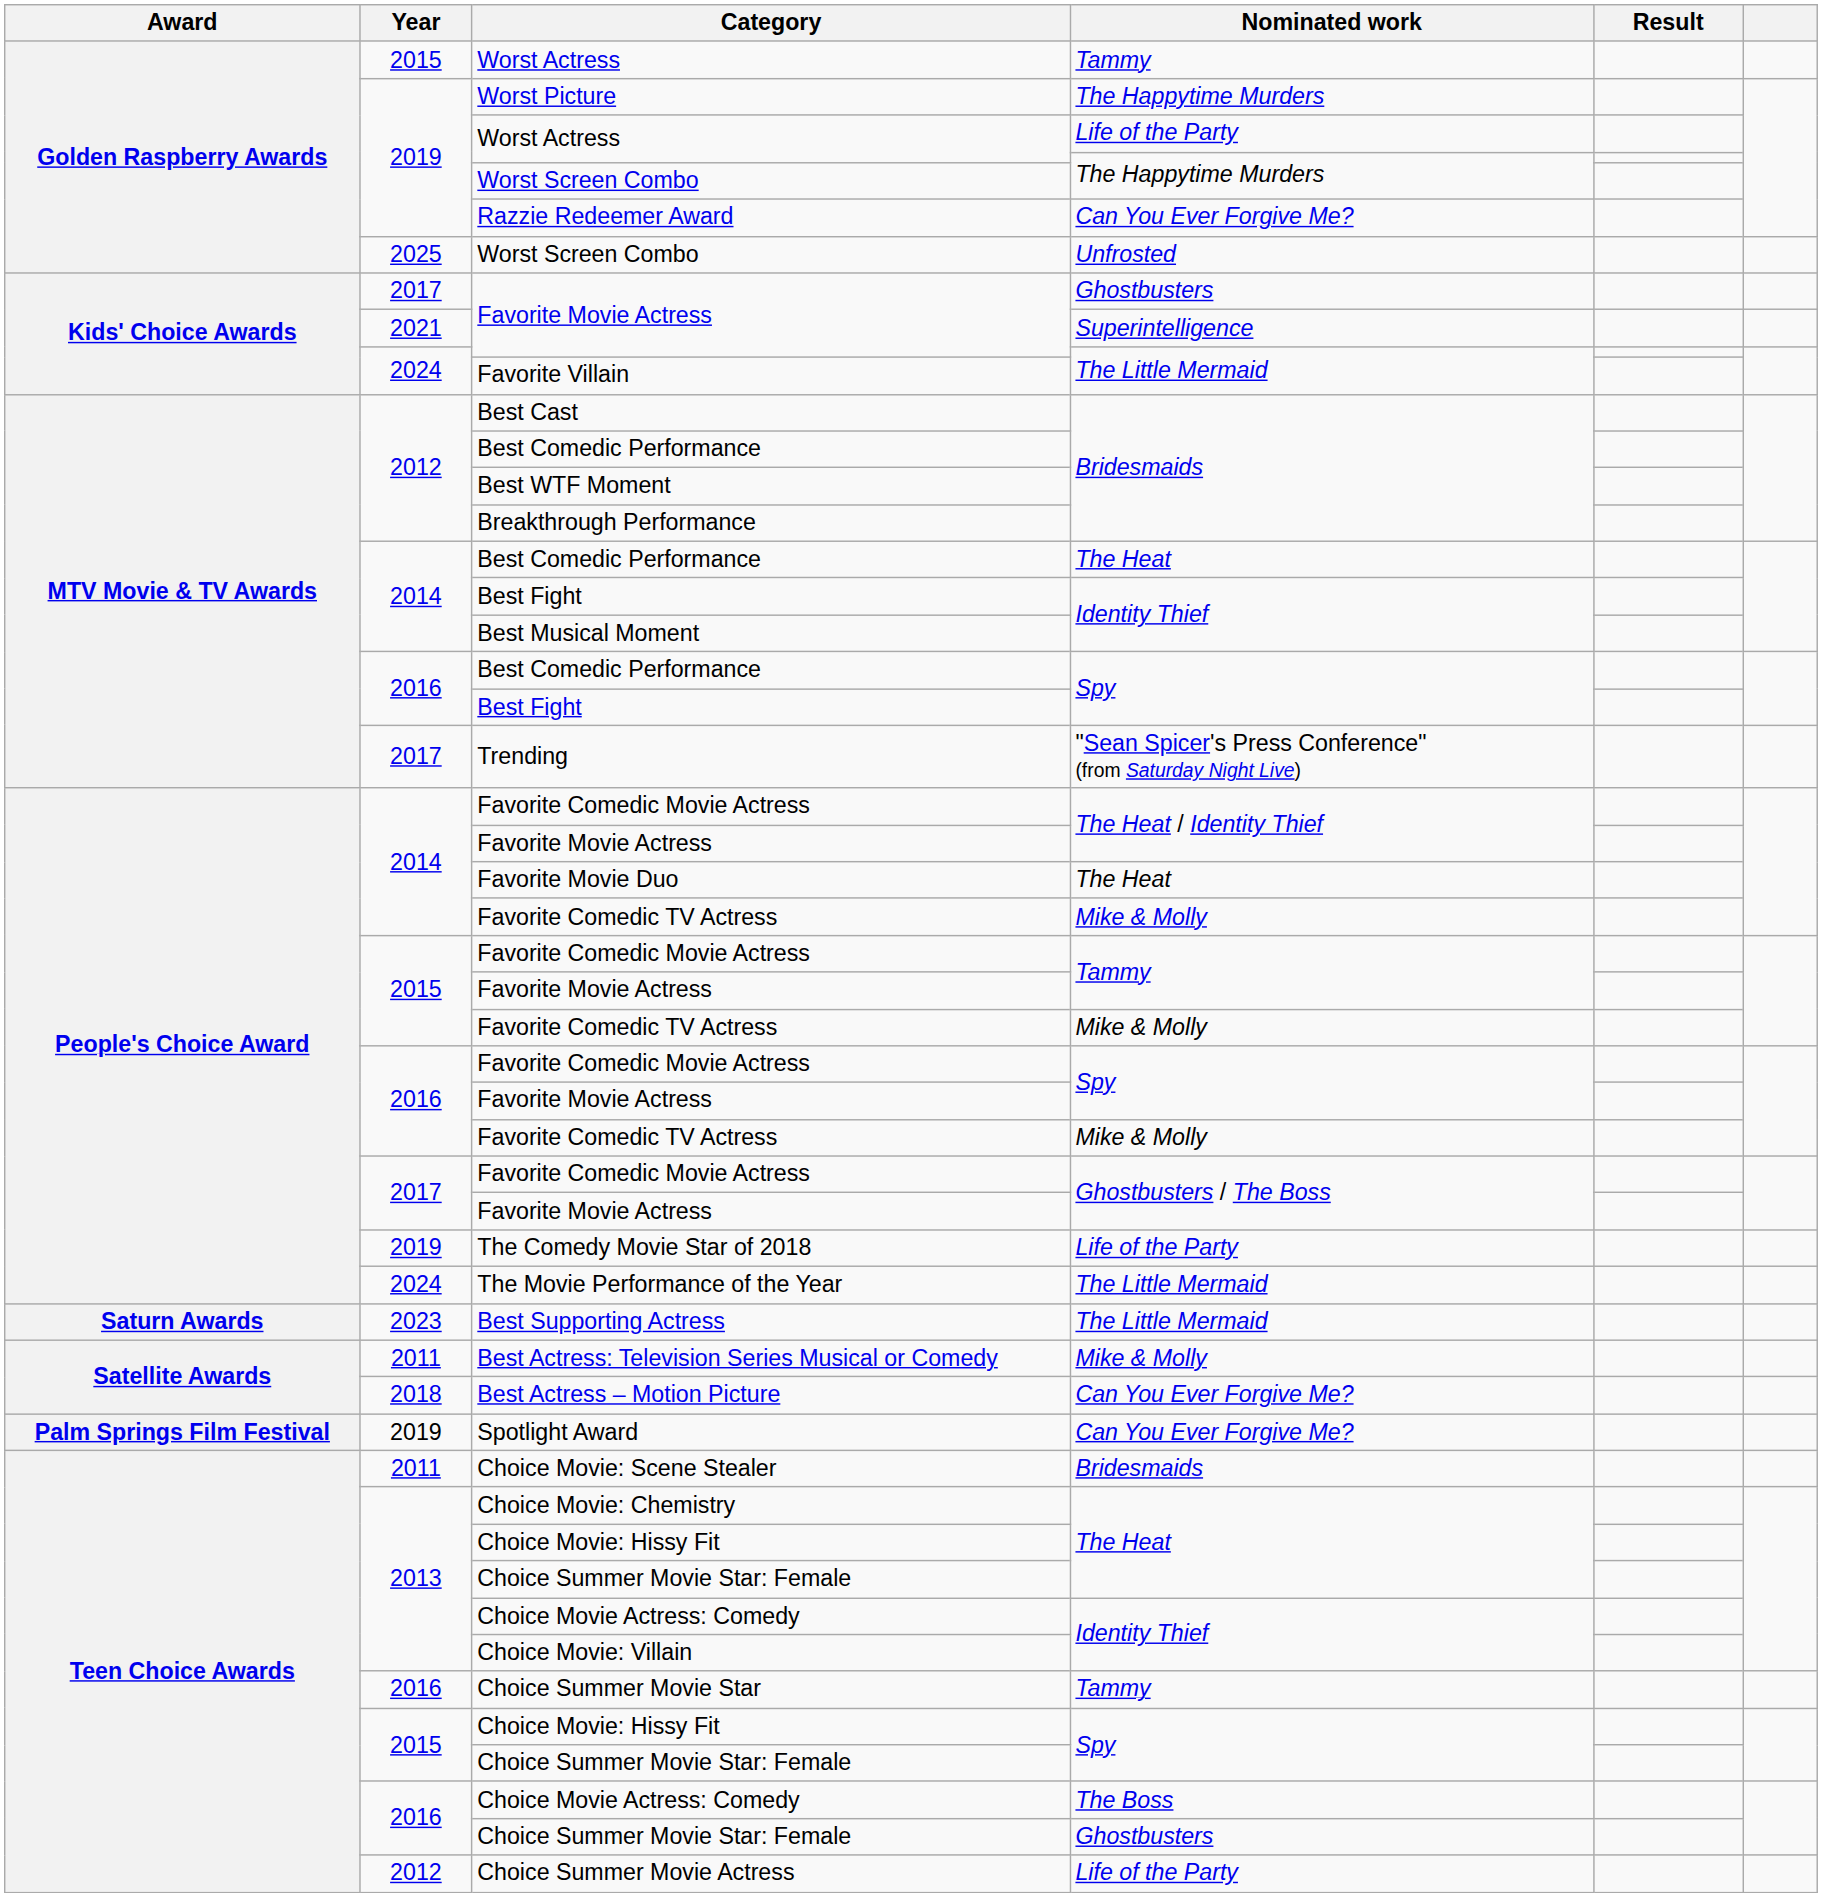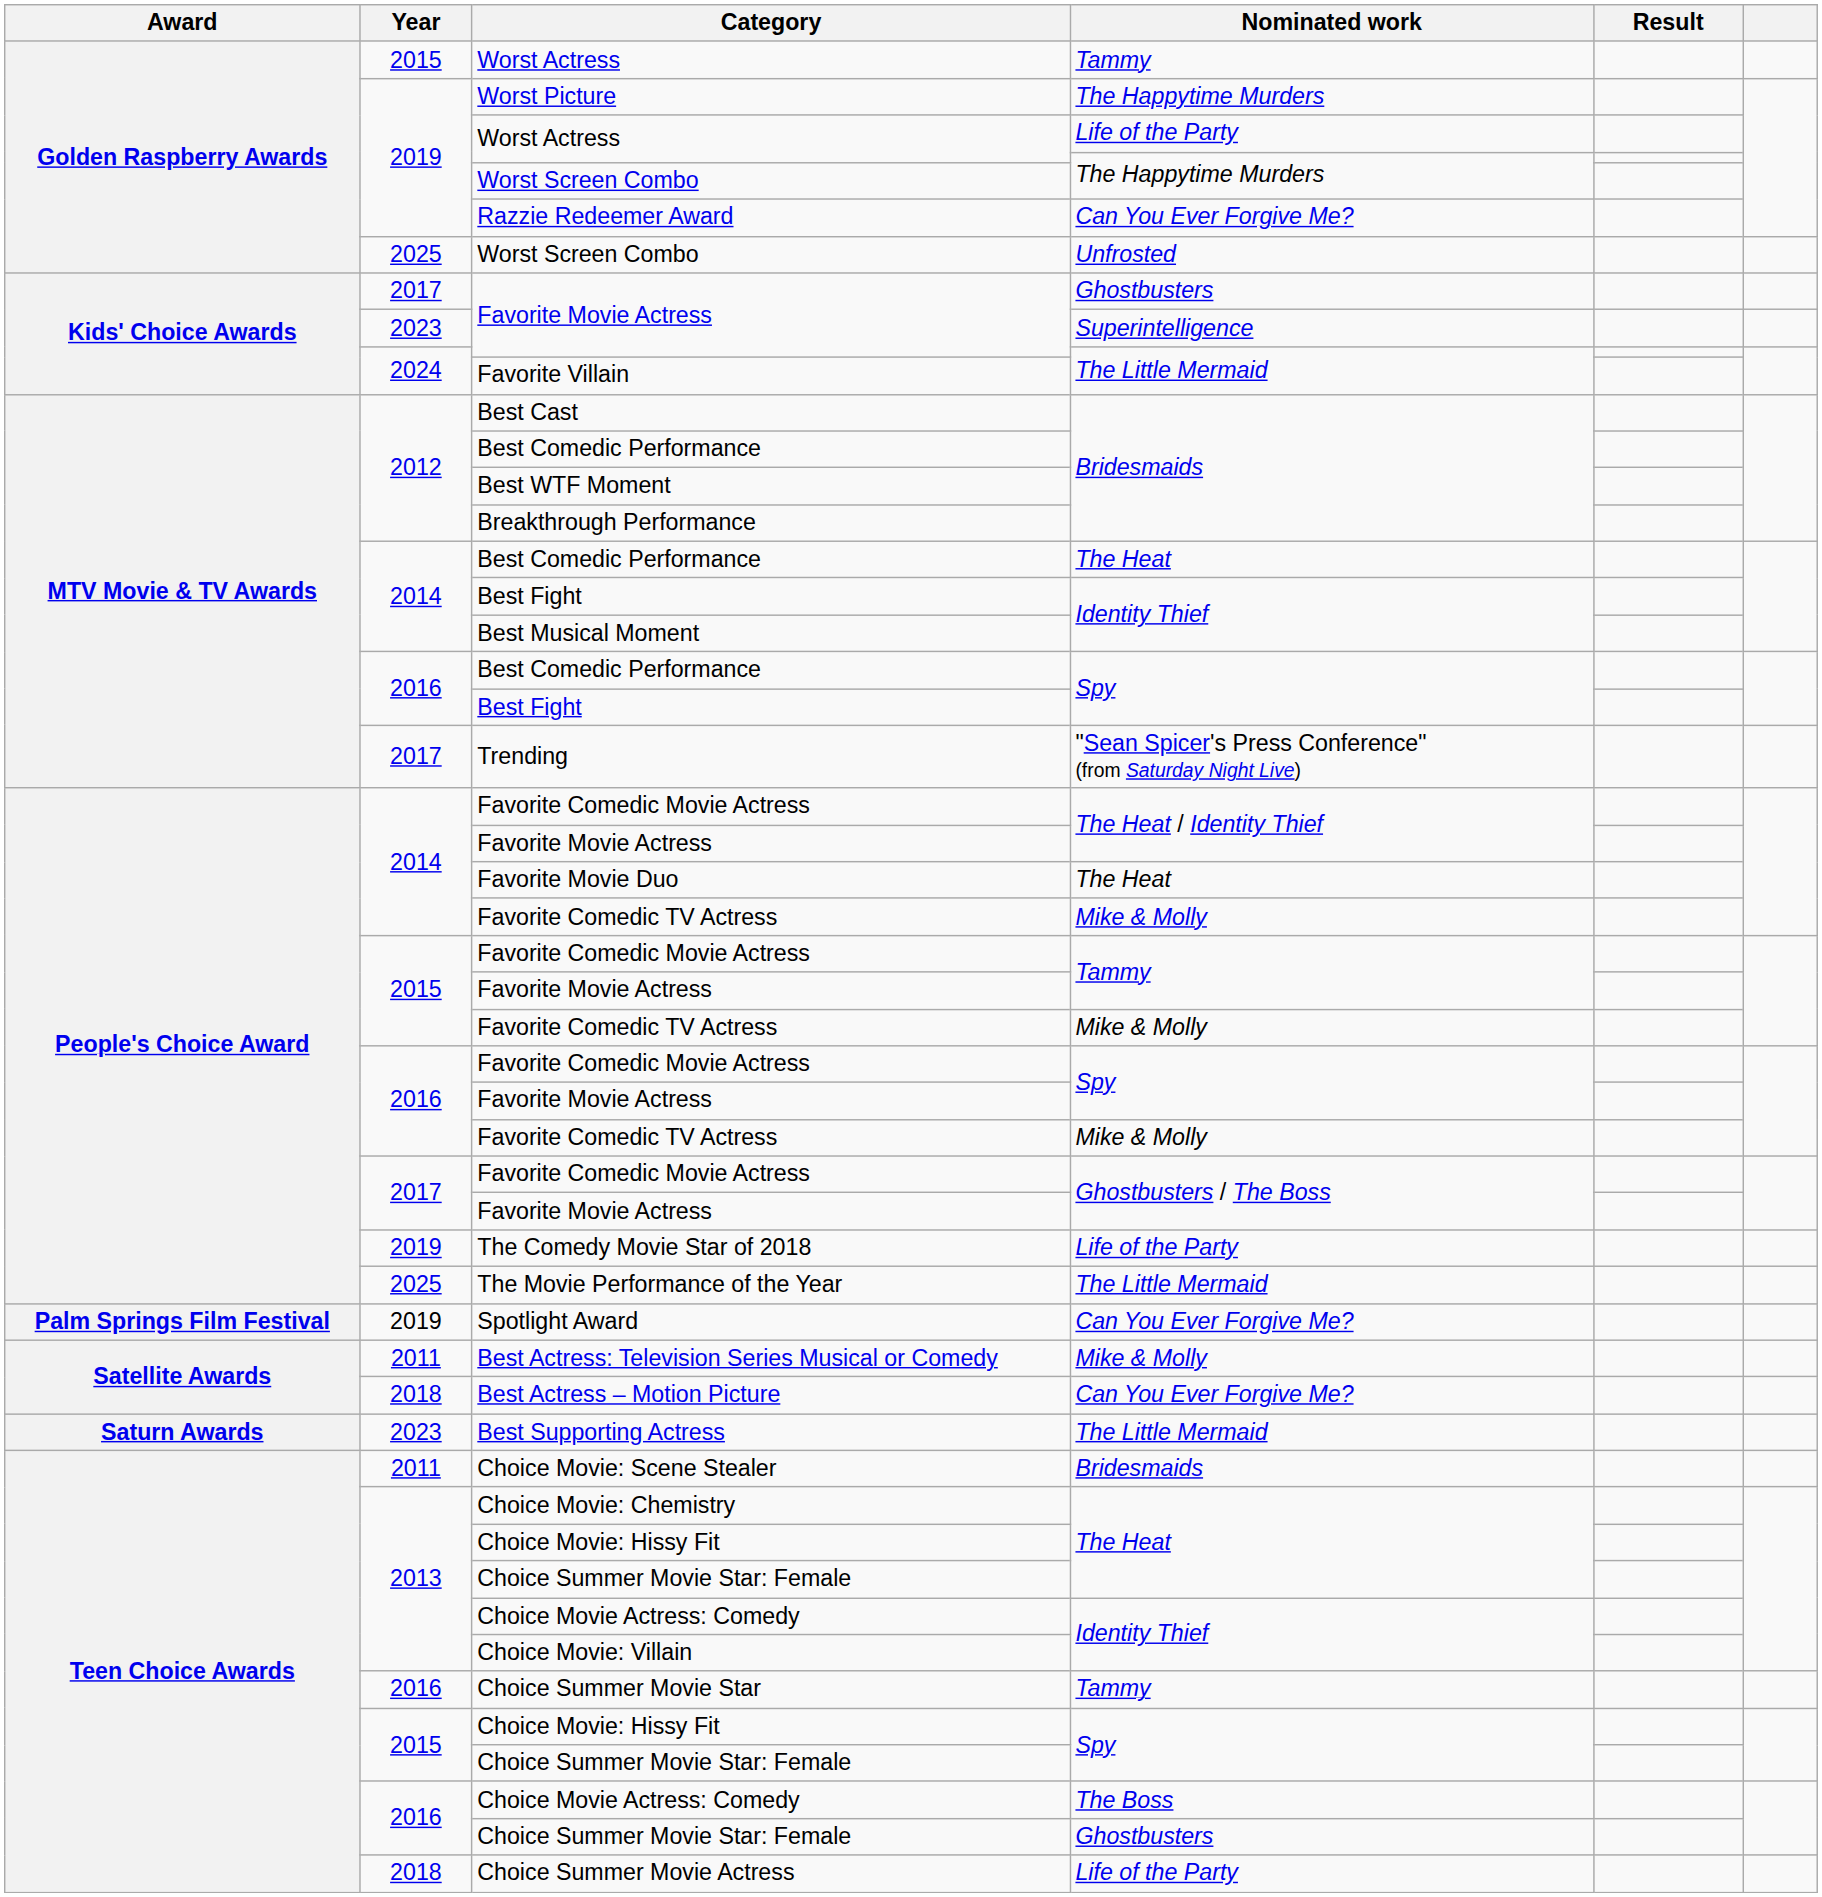 <table class="wikitable sortable plainrowheaders" style="width:99%;">
 <tr>
 <th scope="col" style="width:19%;">Award</th>
 <th scope="col" style="width:6%;">Year</th>
 <th scope="col" style="width:32%;">Category</th>
 <th scope="col" style="width:28%;">Nominated work</th>
 <th scope="col" style="width:8%;">Result</th>
 <th scope="col" style="width:4%;" class="unsortable"></th>
 </tr>
 <tr>
 <th scope="row", rowspan=7><a href='#'>Golden Raspberry Awards</a></th>
 <td align="center"><a href='#'>2015</a></td>
 <td><a href='#'>Worst Actress</a></td>
 <td><em><a href='#'>Tammy</a></em></td>
 <td></td>
 <td align="center"></td>
 </tr>
 <tr>
 <td rowspan="5" align="center"><a href='#'>2019</a></td>
 <td><a href='#'>Worst Picture</a></td>
 <td><em><a href='#'>The Happytime Murders</a></em></td>
 <td></td>
 <td rowspan="5" align="center"><br></td>
 </tr>
 <tr>
 <td rowspan="2">Worst Actress</td>
 <td><em><a href='#'>Life of the Party</a></em></td>
 <td></td>
 </tr>
 <tr>
 <td rowspan="2"><em>The Happytime Murders</em></td>
 <td></td>
 </tr>
 <tr>
 <td><a href='#'>Worst Screen Combo</a></td>
 <td></td>
 </tr>
 <tr>
 <td><a href='#'>Razzie Redeemer Award</a></td>
 <td><em><a href='#'>Can You Ever Forgive Me?</a></em></td>
 <td></td>
 </tr>
 <tr>
 <td align="center"><a href='#'>2025</a></td>
 <td>Worst Screen Combo</td>
 <td><em><a href='#'>Unfrosted</a></em></td>
 <td></td>
 <td align="center"></td>
 </tr>
 <tr>
 <th scope="row", rowspan=4><a href='#'>Kids' Choice Awards</a></th>
 <td align="center"><a href='#'>2017</a></td>
 <td rowspan="3"><a href='#'>Favorite Movie Actress</a></td>
 <td><em><a href='#'>Ghostbusters</a></em></td>
 <td></td>
 <td align="center"></td>
 </tr>
 <tr>
-<td align="center"><a href='#'>2021</a></td>
+<td align="center"><a href='#'>2023</a></td>
 <td><em><a href='#'>Superintelligence</a></em></td>
 <td></td>
 <td align="center"></td>
 </tr>
 <tr>
 <td rowspan="2" align="center"><a href='#'>2024</a></td>
 <td rowspan="2"><em><a href='#'>The Little Mermaid</a></em></td>
 <td></td>
 <td rowspan="2" align="center"></td>
 </tr>
 <tr>
 <td>Favorite Villain</td>
 <td></td>
 </tr>
 <tr>
 <th scope="row", rowspan=10><a href='#'>MTV Movie & TV Awards</a></th>
 <td rowspan="4" align="center"><a href='#'>2012</a></td>
 <td>Best Cast</td>
 <td rowspan="4"><em><a href='#'>Bridesmaids</a></em></td>
 <td></td>
 <td rowspan="4" align="center"></td>
 </tr>
 <tr>
 <td>Best Comedic Performance</td>
 <td></td>
 </tr>
 <tr>
 <td>Best WTF Moment</td>
 <td></td>
 </tr>
 <tr>
 <td>Breakthrough Performance</td>
 <td></td>
 </tr>
 <tr>
 <td rowspan="3" align="center"><a href='#'>2014</a></td>
 <td>Best Comedic Performance</td>
 <td><em><a href='#'>The Heat</a></em></td>
 <td></td>
 <td rowspan="3" align="center"></td>
 </tr>
 <tr>
 <td>Best Fight</td>
 <td rowspan="2"><em><a href='#'>Identity Thief</a></em></td>
 <td></td>
 </tr>
 <tr>
 <td>Best Musical Moment</td>
 <td></td>
 </tr>
 <tr>
 <td rowspan="2" align="center"><a href='#'>2016</a></td>
 <td>Best Comedic Performance</td>
 <td rowspan="2"><em><a href='#'>Spy</a></em></td>
 <td></td>
 <td rowspan="2" align="center"></td>
 </tr>
 <tr>
 <td><a href='#'>Best Fight</a>  </td>
 <td></td>
 </tr>
 <tr>
 <td align="center"><a href='#'>2017</a></td>
 <td>Trending</td>
 <td>"<a href='#'>Sean Spicer</a>'s Press Conference" <br> <small> (from <em><a href='#'>Saturday Night Live</a></em>) </small></td>
 <td></td>
 <td align="center"></td>
 </tr>
 <tr>
 <th scope="row", rowspan=14><a href='#'>People's Choice Award</a></th>
 <td rowspan="4" align="center"><a href='#'>2014</a></td>
 <td>Favorite Comedic Movie Actress</td>
 <td rowspan="2"><em><a href='#'>The Heat</a></em> / <em><a href='#'>Identity Thief</a></em></td>
 <td></td>
 <td rowspan="4" align="center"></td>
 </tr>
 <tr>
 <td>Favorite Movie Actress</td>
 <td></td>
 </tr>
 <tr>
 <td>Favorite Movie Duo</td>
 <td><em>The Heat</em></td>
 <td></td>
 </tr>
 <tr>
 <td>Favorite Comedic TV Actress</td>
 <td><em><a href='#'>Mike & Molly</a></em></td>
 <td></td>
 </tr>
 <tr>
 <td rowspan="3" align="center"><a href='#'>2015</a></td>
 <td>Favorite Comedic Movie Actress</td>
 <td rowspan="2"><em><a href='#'>Tammy</a></em></td>
 <td></td>
 <td rowspan="3" align="center"></td>
 </tr>
 <tr>
 <td>Favorite Movie Actress</td>
 <td></td>
 </tr>
 <tr>
 <td>Favorite Comedic TV Actress</td>
 <td><em>Mike & Molly</em></td>
 <td></td>
 </tr>
 <tr>
 <td rowspan="3" align="center"><a href='#'>2016</a></td>
 <td>Favorite Comedic Movie Actress</td>
 <td rowspan="2"><em><a href='#'>Spy</a></em></td>
 <td></td>
 <td rowspan="3" align="center"></td>
 </tr>
 <tr>
 <td>Favorite Movie Actress</td>
 <td></td>
 </tr>
 <tr>
 <td>Favorite Comedic TV Actress</td>
 <td><em>Mike & Molly</em></td>
 <td></td>
 </tr>
 <tr>
 <td rowspan="2" align="center"><a href='#'>2017</a></td>
 <td>Favorite Comedic Movie Actress</td>
 <td rowspan="2"><em><a href='#'>Ghostbusters</a></em> / <em><a href='#'>The Boss</a></em></td>
 <td></td>
 <td rowspan="2" align="center"></td>
 </tr>
 <tr>
 <td>Favorite Movie Actress</td>
 <td></td>
 </tr>
 <tr>
 <td align="center"><a href='#'>2019</a></td>
 <td>The Comedy Movie Star of 2018</td>
 <td><em><a href='#'>Life of the Party</a></em></td>
 <td></td>
 <td align="center"></td>
 </tr>
 <tr>
-<td align="center"><a href='#'>2024</a></td>
+<td align="center"><a href='#'>2025</a></td>
 <td>The Movie Performance of the Year</td>
 <td><em><a href='#'>The Little Mermaid</a></em></td>
 <td></td>
 <td style="text-align: center"></td>
 </tr>
 <tr>
-<th scope="row", rowspan=1><a href='#'>Saturn Awards</a></th>
-<td align="center"><a href='#'>2023</a></td>
-<td><a href='#'>Best Supporting Actress</a></td>
-<td><em><a href='#'>The Little Mermaid</a></em></td>
+<th scope="row", rowspan=1><a href='#'>Palm Springs Film Festival</a></th>
+<td align="center">2019</td>
+<td>Spotlight Award</td>
+<td><em><a href='#'>Can You Ever Forgive Me?</a></em></td>
 <td></td>
 <td align="center"></td>
 </tr>
 <tr>
 <th scope="row", rowspan=2><a href='#'>Satellite Awards</a></th>
 <td align="center"><a href='#'>2011</a></td>
 <td><a href='#'>Best Actress: Television Series Musical or Comedy</a></td>
 <td><em><a href='#'>Mike & Molly</a></em></td>
 <td></td>
 <td align="center"></td>
 </tr>
 <tr>
 <td align="center"><a href='#'>2018</a></td>
 <td><a href='#'>Best Actress – Motion Picture</a></td>
 <td><em><a href='#'>Can You Ever Forgive Me?</a></em></td>
 <td></td>
 <td align="center"></td>
 </tr>
 <tr>
-<th scope="row", rowspan=1><a href='#'>Palm Springs Film Festival</a></th>
-<td align="center">2019</td>
-<td>Spotlight Award</td>
-<td><em><a href='#'>Can You Ever Forgive Me?</a></em></td>
+<th scope="row", rowspan=1><a href='#'>Saturn Awards</a></th>
+<td align="center"><a href='#'>2023</a></td>
+<td><a href='#'>Best Supporting Actress</a></td>
+<td><em><a href='#'>The Little Mermaid</a></em></td>
 <td></td>
 <td align="center"></td>
 </tr>
 <tr>
 <th scope="row", rowspan=12><a href='#'>Teen Choice Awards</a></th>
 <td align="center"><a href='#'>2011</a></td>
 <td>Choice Movie: Scene Stealer</td>
 <td><em><a href='#'>Bridesmaids</a></em></td>
 <td></td>
 <td align="center"></td>
 </tr>
 <tr>
 <td rowspan="5" align="center"><a href='#'>2013</a></td>
 <td>Choice Movie: Chemistry</td>
 <td rowspan="3"><em><a href='#'>The Heat</a></em></td>
 <td></td>
 <td rowspan="5" align="center"></td>
 </tr>
 <tr>
 <td>Choice Movie: Hissy Fit</td>
 <td></td>
 </tr>
 <tr>
 <td>Choice Summer Movie Star: Female</td>
 <td></td>
 </tr>
 <tr>
 <td>Choice Movie Actress: Comedy</td>
 <td rowspan="2"><em><a href='#'>Identity Thief</a></em></td>
 <td></td>
 </tr>
 <tr>
 <td>Choice Movie: Villain</td>
 <td></td>
 </tr>
 <tr>
 <td align="center"><a href='#'>2016</a></td>
 <td>Choice Summer Movie Star</td>
 <td><em><a href='#'>Tammy</a></em></td>
 <td></td>
 <td align="center"></td>
 </tr>
 <tr>
 <td rowspan="2" align="center"><a href='#'>2015</a></td>
 <td>Choice Movie: Hissy Fit</td>
 <td rowspan="2"><em><a href='#'>Spy</a></em></td>
 <td></td>
 <td rowspan="2" align="center"></td>
 </tr>
 <tr>
 <td>Choice Summer Movie Star: Female</td>
 <td></td>
 </tr>
 <tr>
 <td rowspan="2" align="center"><a href='#'>2016</a></td>
 <td>Choice Movie Actress: Comedy</td>
 <td><em><a href='#'>The Boss</a></em></td>
 <td></td>
 <td rowspan="2" align="center"></td>
 </tr>
 <tr>
 <td>Choice Summer Movie Star: Female</td>
 <td><em><a href='#'>Ghostbusters</a></em></td>
 <td></td>
 </tr>
 <tr>
-<td align="center"><a href='#'>2012</a></td>
+<td align="center"><a href='#'>2018</a></td>
 <td>Choice Summer Movie Actress</td>
 <td><em><a href='#'>Life of the Party</a></em></td>
 <td></td>
 <td align="center"></td>
 </tr>
 </table>
